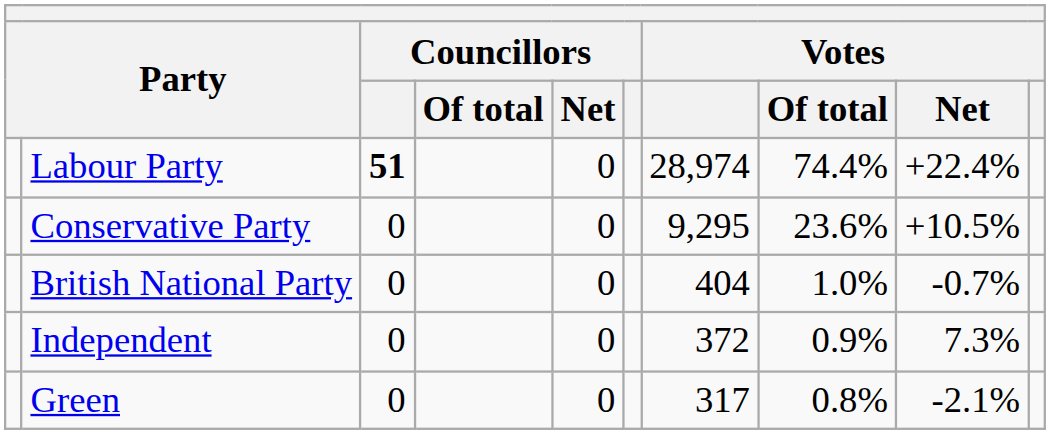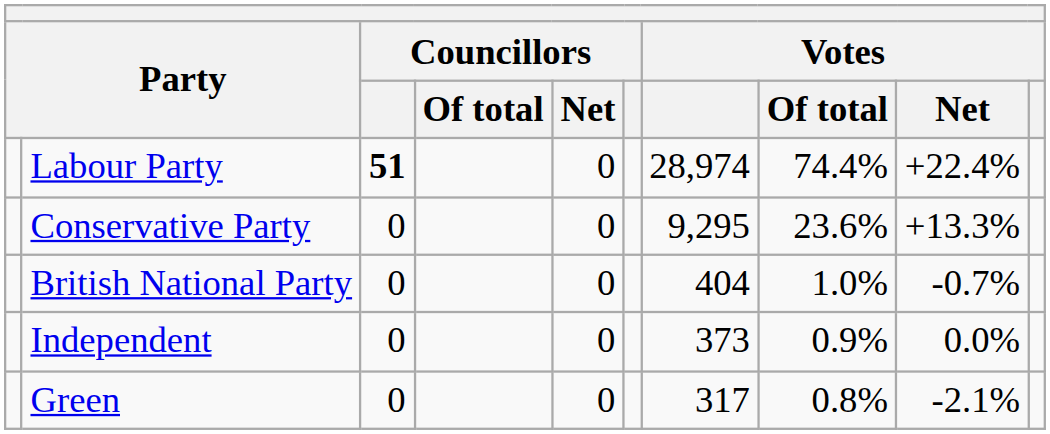 <table class="wikitable sortable" style="text-align:center;">
 <tr>
 <th colspan="10"></th>
 </tr>
 <tr>
 <th colspan="2" rowspan="2">Party</th>
 <th colspan="4">Councillors</th>
 <th colspan="4">Votes</th>
 </tr>
 <tr>
 <th></th>
 <th>Of total</th>
 <th>Net</th>
 <th class="unsortable"></th>
 <th></th>
 <th>Of total</th>
 <th>Net</th>
 <th class="unsortable"></th>
 </tr>
 <tr>
 <td style="background:"></td>
 <td style="text-align:left;"><a href='#'>Labour Party</a></td>
 <td style="text-align:right;"><strong>51</strong></td>
 <td style="text-align:right;"></td>
 <td style="text-align:right;">0</td>
 <td data-sort-value=""></td>
 <td style="text-align:right;">28,974</td>
 <td style="text-align:right;">74.4%</td>
 <td style="text-align:right;">+22.4%</td>
 <td></td>
 </tr>
 <tr>
 <td style="background:"></td>
 <td style="text-align:left;"><a href='#'>Conservative Party</a></td>
 <td style="text-align:right;">0</td>
 <td style="text-align:right;"></td>
 <td style="text-align:right;">0</td>
 <td data-sort-value=""></td>
 <td style="text-align:right;">9,295</td>
 <td style="text-align:right;">23.6%</td>
-<td style="text-align:right;">+10.5%</td>
+<td style="text-align:right;">+13.3%</td>
 <td></td>
 </tr>
 <tr>
 <td style="background:"></td>
 <td style="text-align:left;"><a href='#'>British National Party</a></td>
 <td style="text-align:right;">0</td>
 <td style="text-align:right;"></td>
 <td style="text-align:right;">0</td>
 <td data-sort-value=""></td>
 <td style="text-align:right;">404</td>
 <td style="text-align:right;">1.0%</td>
 <td style="text-align:right;">-0.7%</td>
 <td></td>
 </tr>
 <tr>
 <td style="background:"></td>
 <td style="text-align:left;"><a href='#'>Independent</a></td>
 <td style="text-align:right;">0</td>
 <td style="text-align:right;"></td>
 <td style="text-align:right;">0</td>
 <td data-sort-value=""></td>
-<td style="text-align:right;">372</td>
+<td style="text-align:right;">373</td>
 <td style="text-align:right;">0.9%</td>
-<td style="text-align:right;">7.3%</td>
+<td style="text-align:right;">0.0%</td>
 <td></td>
 </tr>
 <tr>
 <td style="background:"></td>
 <td style="text-align:left;"><a href='#'>Green</a></td>
 <td style="text-align:right;">0</td>
 <td style="text-align:right;"></td>
 <td style="text-align:right;">0</td>
 <td data-sort-value=""></td>
 <td style="text-align:right;">317</td>
 <td style="text-align:right;">0.8%</td>
 <td style="text-align:right;">-2.1%</td>
 <td></td>
 </tr>
 </table>
